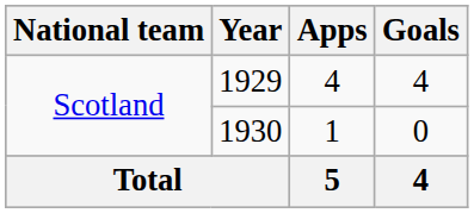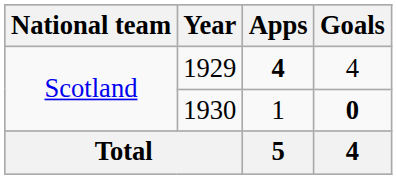 <table class="wikitable" style="text-align:center">
 <tr>
 <th>National team</th>
 <th>Year</th>
 <th>Apps</th>
 <th>Goals</th>
 </tr>
 <tr>
 <td rowspan="2"><a href='#'>Scotland</a></td>
 <td>1929</td>
-<td>4</td>
+<td><strong>4</strong></td>
 <td>4</td>
 </tr>
 <tr>
 <td>1930</td>
 <td>1</td>
-<td>0</td>
+<td><strong>0</strong></td>
 </tr>
 <tr>
 <th colspan="2">Total</th>
 <th>5</th>
 <th>4</th>
 </tr>
 </table>
